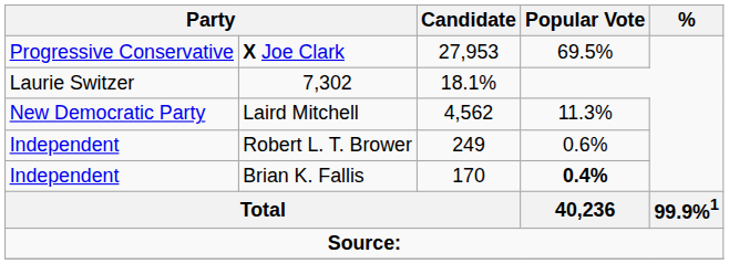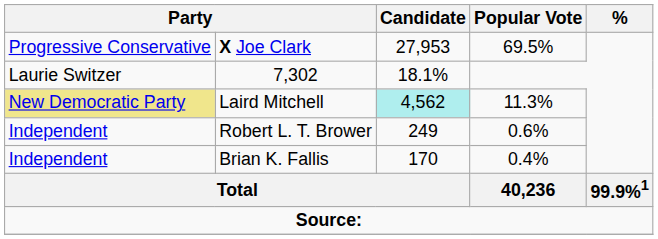 <table class="wikitable">
 <tr>
 <th colspan="2">Party</th>
 <th>Candidate</th>
 <th>Popular Vote</th>
 <th>%</th>
 </tr>
 <tr>
 <td><a href='#'>Progressive Conservative</a></td>
 <td> <strong>X</strong> <a href='#'>Joe Clark</a></td>
 <td align=center>27,953</td>
 <td align=center>69.5%</td>
 </tr>
 <tr>
 <td>Laurie Switzer</td>
 <td align=center>7,302</td>
 <td align=center>18.1%</td>
 </tr>
 <tr>
-<td><a href='#'>New Democratic Party</a></td>
+<td style="background: khaki;"><a href='#'>New Democratic Party</a></td>
 <td>Laird Mitchell</td>
-<td align=center>4,562</td>
+<td align=center style="background: paleturquoise;">4,562</td>
 <td align=center>11.3%</td>
 </tr>
 <tr>
 <td><a href='#'>Independent</a></td>
 <td>Robert L. T. Brower</td>
 <td align=center>249</td>
 <td align=center>0.6%</td>
 </tr>
 <tr>
 <td><a href='#'>Independent</a></td>
 <td>Brian K. Fallis</td>
 <td align=center>170</td>
-<td align=center><strong>0.4%</strong></td>
+<td align=center>0.4%</td>
 </tr>
 <tr>
 <th colspan=3 align=center>Total</th>
 <th align=right>40,236</th>
 <th align=right>99.9%<sup>1</sup></th>
 </tr>
 <tr>
 <td align="center" colspan=5><strong>Source:</strong> </td>
 </tr>
 <tr>
 </tr>
 </table>
